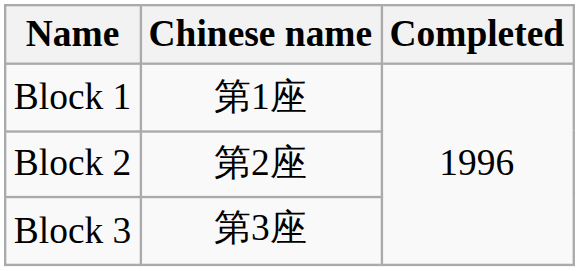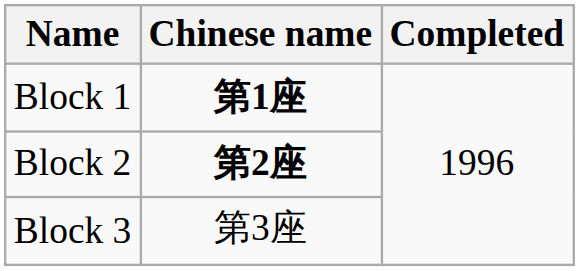 <table class="wikitable" style="text-align: center">
 <tr>
 <th>Name</th>
 <th>Chinese name</th>
 <th>Completed</th>
 </tr>
 <tr>
 <td>Block 1</td>
-<td>第1座</td>
+<td><strong>第1座</strong></td>
 <td rowspan="3">1996</td>
 </tr>
 <tr>
 <td>Block 2</td>
-<td>第2座</td>
+<td><strong>第2座</strong></td>
 </tr>
 <tr>
 <td>Block 3</td>
 <td>第3座</td>
 </tr>
 </table>
